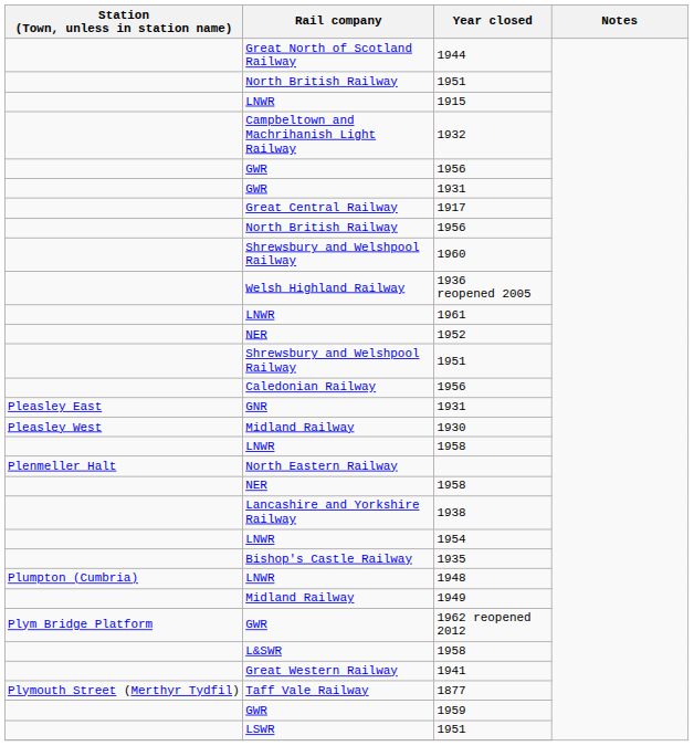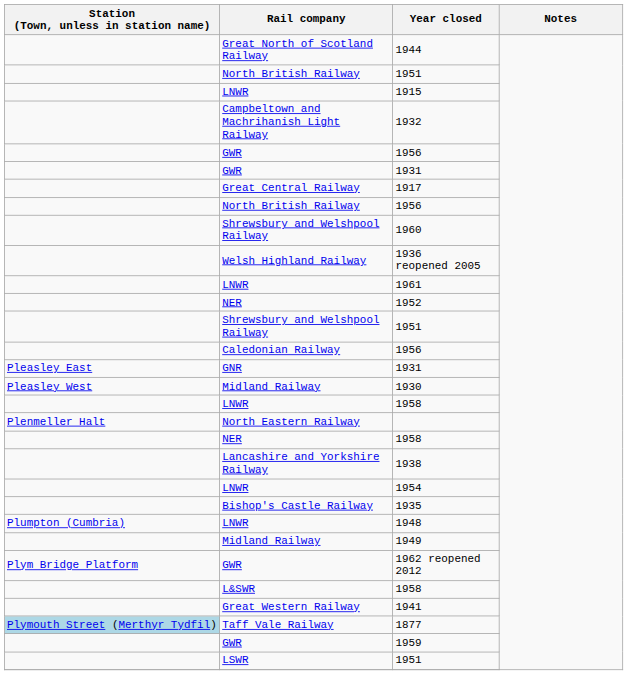 <table class="wikitable sortable">
 <tr>
 <th style="width:250px">Station<br>(Town, unless in station name)</th>
 <th style="width:200px">Rail company</th>
 <th style="width:120px">Year closed</th>
 <th style="width:20%">Notes</th>
 </tr>
 <tr>
 <td></td>
 <td><a href='#'>Great North of Scotland Railway</a></td>
 <td>1944</td>
 </tr>
 <tr>
 <td></td>
 <td><a href='#'>North British Railway</a></td>
 <td>1951</td>
 </tr>
 <tr>
 <td></td>
 <td><a href='#'>LNWR</a></td>
 <td>1915</td>
 </tr>
 <tr>
 <td></td>
 <td><a href='#'>Campbeltown and Machrihanish Light Railway</a></td>
 <td>1932</td>
 </tr>
 <tr>
 <td></td>
 <td><a href='#'>GWR</a></td>
 <td>1956</td>
 </tr>
 <tr>
 <td></td>
 <td><a href='#'>GWR</a></td>
 <td>1931</td>
 </tr>
 <tr>
 <td></td>
 <td><a href='#'>Great Central Railway</a></td>
 <td>1917</td>
 </tr>
 <tr>
 <td></td>
 <td><a href='#'>North British Railway</a></td>
 <td>1956</td>
 </tr>
 <tr>
 <td></td>
 <td><a href='#'>Shrewsbury and Welshpool Railway</a></td>
 <td>1960</td>
 </tr>
 <tr>
 <td></td>
 <td><a href='#'>Welsh Highland Railway</a></td>
 <td>1936<br>reopened 2005</td>
 </tr>
 <tr>
 <td></td>
 <td><a href='#'>LNWR</a></td>
 <td>1961</td>
 </tr>
 <tr>
 <td></td>
 <td><a href='#'>NER</a></td>
 <td>1952</td>
 </tr>
 <tr>
 <td></td>
 <td><a href='#'>Shrewsbury and Welshpool Railway</a></td>
 <td>1951</td>
 </tr>
 <tr>
 <td></td>
 <td><a href='#'>Caledonian Railway</a></td>
 <td>1956</td>
 </tr>
 <tr>
 <td><a href='#'>Pleasley East</a></td>
 <td><a href='#'>GNR</a></td>
 <td>1931</td>
 </tr>
 <tr>
 <td><a href='#'>Pleasley West</a></td>
 <td><a href='#'>Midland Railway</a></td>
 <td>1930</td>
 </tr>
 <tr>
 <td></td>
 <td><a href='#'>LNWR</a></td>
 <td>1958</td>
 </tr>
 <tr>
 <td><a href='#'>Plenmeller Halt</a></td>
 <td><a href='#'>North Eastern Railway</a></td>
 <td></td>
 </tr>
 <tr>
 <td></td>
 <td><a href='#'>NER</a></td>
 <td>1958</td>
 </tr>
 <tr>
 <td></td>
 <td><a href='#'>Lancashire and Yorkshire Railway</a></td>
 <td>1938</td>
 </tr>
 <tr>
 <td></td>
 <td><a href='#'>LNWR</a></td>
 <td>1954</td>
 </tr>
 <tr>
 <td></td>
 <td><a href='#'>Bishop's Castle Railway</a></td>
 <td>1935</td>
 </tr>
 <tr>
 <td><a href='#'>Plumpton (Cumbria)</a></td>
 <td><a href='#'>LNWR</a></td>
 <td>1948</td>
 </tr>
 <tr>
 <td></td>
 <td><a href='#'>Midland Railway</a></td>
 <td>1949</td>
 </tr>
 <tr>
 <td><a href='#'>Plym Bridge Platform</a></td>
 <td><a href='#'>GWR</a></td>
 <td>1962 reopened 2012</td>
 </tr>
 <tr>
 <td></td>
 <td><a href='#'>L&SWR</a></td>
 <td>1958</td>
 </tr>
 <tr>
 <td></td>
 <td><a href='#'>Great Western Railway</a></td>
 <td>1941</td>
 </tr>
 <tr>
-<td><a href='#'>Plymouth Street</a> (<a href='#'>Merthyr Tydfil</a>)</td>
+<td style="background: lightblue;"><a href='#'>Plymouth Street</a> (<a href='#'>Merthyr Tydfil</a>)</td>
 <td><a href='#'>Taff Vale Railway</a></td>
 <td>1877</td>
 </tr>
 <tr>
 <td></td>
 <td><a href='#'>GWR</a></td>
 <td>1959</td>
 </tr>
 <tr>
 <td></td>
 <td><a href='#'>LSWR</a></td>
 <td>1951</td>
 </tr>
 <tr>
 </tr>
 </table>
